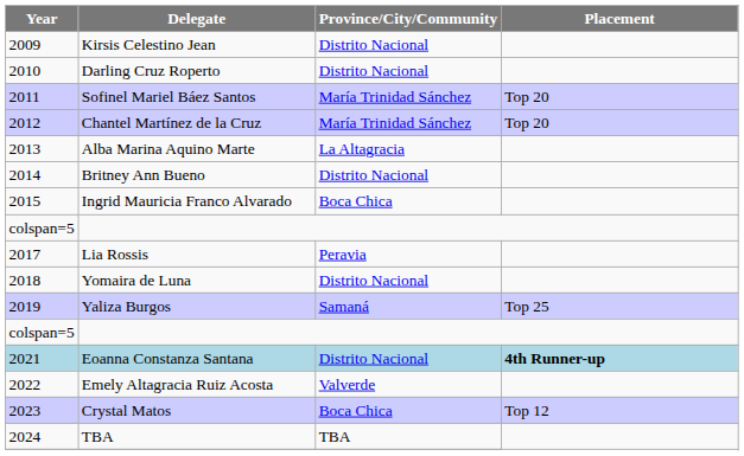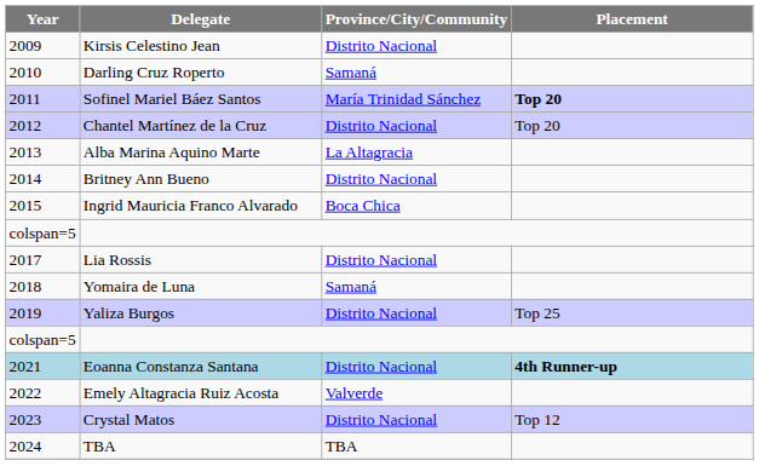 <table class="wikitable sortable" style="font-size: 95%;">
 <tr>
 <th width="30" style="background-color:#787878;color:#FFFFFF;">Year</th>
 <th width="220" style="background-color:#787878;color:#FFFFFF;">Delegate</th>
 <th width="130" style="background-color:#787878;color:#FFFFFF;">Province/City/Community</th>
 <th width="220" style="background-color:#787878;color:#FFFFFF;">Placement</th>
 </tr>
 <tr>
 <td>2009</td>
 <td>Kirsis Celestino Jean</td>
 <td><a href='#'>Distrito Nacional</a></td>
 <td></td>
 </tr>
 <tr>
 <td>2010</td>
 <td>Darling Cruz Roperto</td>
-<td><a href='#'>Distrito Nacional</a></td>
+<td><a href='#'>Samaná</a></td>
 <td></td>
 </tr>
 <tr style="background-color:#CCCCFF">
 <td>2011</td>
 <td>Sofinel Mariel Báez Santos</td>
 <td><a href='#'>María Trinidad Sánchez</a></td>
-<td>Top 20</td>
+<td><strong>Top 20</strong></td>
 </tr>
 <tr style="background-color:#CCCCFF">
 <td>2012</td>
 <td>Chantel Martínez de la Cruz</td>
-<td><a href='#'>María Trinidad Sánchez</a></td>
+<td><a href='#'>Distrito Nacional</a></td>
 <td>Top 20</td>
 </tr>
 <tr>
 <td>2013</td>
 <td>Alba Marina Aquino Marte</td>
 <td><a href='#'>La Altagracia</a></td>
 <td></td>
 </tr>
 <tr>
 <td>2014</td>
 <td>Britney Ann Bueno</td>
 <td><a href='#'>Distrito Nacional</a></td>
 <td></td>
 </tr>
 <tr>
 <td>2015</td>
 <td>Ingrid Mauricia Franco Alvarado</td>
 <td><a href='#'>Boca Chica</a></td>
 <td></td>
 </tr>
 <tr>
 <td>colspan=5 </td>
 </tr>
 <tr>
 <td>2017</td>
 <td>Lia Rossis</td>
-<td><a href='#'>Peravia</a></td>
+<td><a href='#'>Distrito Nacional</a></td>
 <td></td>
 </tr>
 <tr>
 <td>2018</td>
 <td>Yomaira de Luna</td>
-<td><a href='#'>Distrito Nacional</a></td>
+<td><a href='#'>Samaná</a></td>
 <td></td>
 </tr>
 <tr style="background-color:#CCCCFF">
 <td>2019</td>
 <td>Yaliza Burgos</td>
-<td><a href='#'>Samaná</a></td>
+<td><a href='#'>Distrito Nacional</a></td>
 <td>Top 25</td>
 </tr>
 <tr>
 <td>colspan=5 </td>
 </tr>
 <tr style="background-color:#ADD8E6">
 <td>2021</td>
 <td>Eoanna Constanza Santana</td>
 <td><a href='#'>Distrito Nacional</a></td>
 <td><strong>4th Runner-up</strong></td>
 </tr>
 <tr>
 <td>2022</td>
 <td>Emely Altagracia Ruiz Acosta</td>
 <td><a href='#'>Valverde</a></td>
 <td></td>
 </tr>
 <tr style="background-color:#CCCCFF">
 <td>2023</td>
 <td>Crystal Matos</td>
-<td><a href='#'>Boca Chica</a></td>
+<td><a href='#'>Distrito Nacional</a></td>
 <td>Top 12</td>
 </tr>
 <tr>
 <td>2024</td>
 <td>TBA</td>
 <td>TBA</td>
 </tr>
 <tr>
 </tr>
 </table>
